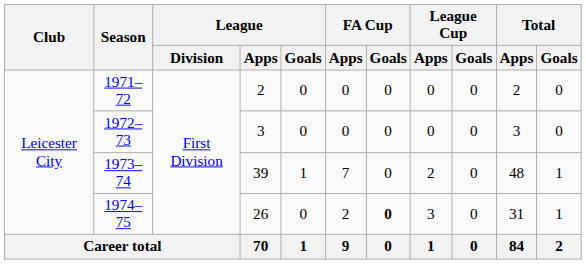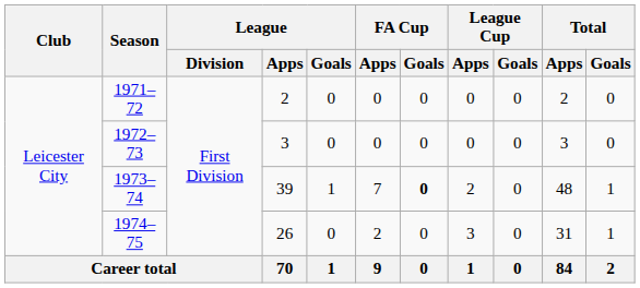 <table class="wikitable" style="text-align: center;">
 <tr>
 <th rowspan="2">Club</th>
 <th rowspan="2">Season</th>
 <th colspan="3">League</th>
 <th colspan="2">FA Cup</th>
 <th colspan="2">League Cup</th>
 <th colspan="2">Total</th>
 </tr>
 <tr>
 <th>Division</th>
 <th>Apps</th>
 <th>Goals</th>
 <th>Apps</th>
 <th>Goals</th>
 <th>Apps</th>
 <th>Goals</th>
 <th>Apps</th>
 <th>Goals</th>
 </tr>
 <tr>
 <td rowspan="4"><a href='#'>Leicester City</a></td>
 <td><a href='#'>1971–72</a></td>
 <td rowspan="4"><a href='#'>First Division</a></td>
 <td>2</td>
 <td>0</td>
 <td>0</td>
 <td>0</td>
 <td>0</td>
 <td>0</td>
 <td>2</td>
 <td>0</td>
 </tr>
 <tr>
 <td><a href='#'>1972–73</a></td>
 <td>3</td>
 <td>0</td>
 <td>0</td>
 <td>0</td>
 <td>0</td>
 <td>0</td>
 <td>3</td>
 <td>0</td>
 </tr>
 <tr>
 <td><a href='#'>1973–74</a></td>
 <td>39</td>
 <td>1</td>
 <td>7</td>
-<td>0</td>
+<td><strong>0</strong></td>
 <td>2</td>
 <td>0</td>
 <td>48</td>
 <td>1</td>
 </tr>
 <tr>
 <td><a href='#'>1974–75</a></td>
 <td>26</td>
 <td>0</td>
 <td>2</td>
-<td><strong>0</strong></td>
+<td>0</td>
 <td>3</td>
 <td>0</td>
 <td>31</td>
 <td>1</td>
 </tr>
 <tr>
 <th colspan="3">Career total</th>
 <th>70</th>
 <th>1</th>
 <th>9</th>
 <th>0</th>
 <th>1</th>
 <th>0</th>
 <th>84</th>
 <th>2</th>
 </tr>
 </table>
